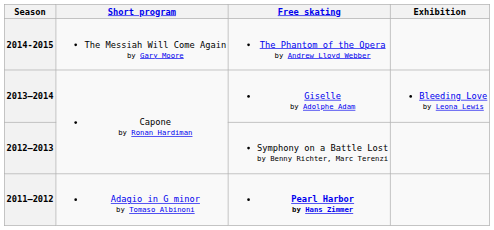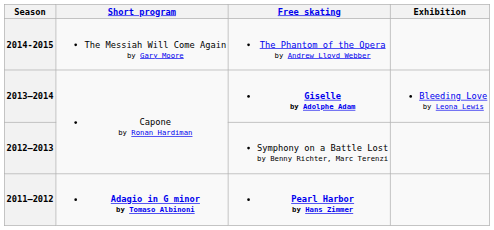 <table class="wikitable" style="text-align:center">
 <tr>
 <th>Season</th>
 <th><a href='#'>Short program</a></th>
 <th><a href='#'>Free skating</a></th>
 <th>Exhibition</th>
 </tr>
 <tr>
 <th>2014-2015 <br> </th>
 <td><br><ul><li>The Messiah Will Come Again <br><small> by <a href='#'>Gary Moore</a></small></li></ul></td>
 <td><br><ul><li><a href='#'>The Phantom of the Opera</a> <br><small> by <a href='#'>Andrew Lloyd Webber</a></small></li></ul></td>
 <td></td>
 </tr>
 <tr>
 <th>2013–2014 <br> </th>
 <td rowspan=2><br><ul><li>Capone <br><small> by <a href='#'>Ronan Hardiman</a> </small></li></ul></td>
-<td><br><ul><li><a href='#'>Giselle</a> <br><small> by <a href='#'>Adolphe Adam</a> </small></li></ul></td>
+<td><strong><br><ul><li><a href='#'>Giselle</a> <br><small> by <a href='#'>Adolphe Adam</a> </small></li></ul></strong></td>
 <td><br><ul><li><a href='#'>Bleeding Love</a> <br><small> by <a href='#'>Leona Lewis</a> </small></li></ul></td>
 </tr>
 <tr>
 <th>2012–2013 <br> </th>
 <td><br><ul><li>Symphony on a Battle Lost <br><small> by Benny Richter, Marc Terenzi </small></li></ul></td>
 <td></td>
 </tr>
 <tr>
 <th>2011–2012</th>
-<td><br><ul><li><a href='#'>Adagio in G minor</a> <br><small> by <a href='#'>Tomaso Albinoni</a> </small></li></ul></td>
+<td><strong><br><ul><li><a href='#'>Adagio in G minor</a> <br><small> by <a href='#'>Tomaso Albinoni</a> </small></li></ul></strong></td>
 <td><strong><br><ul><li><a href='#'>Pearl Harbor</a> <br><small> by <a href='#'>Hans Zimmer</a> </small></li></ul></strong></td>
 <td></td>
 </tr>
 </table>
